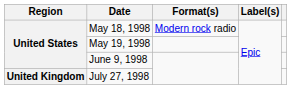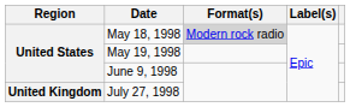 <table class="wikitable plainrowheaders">
 <tr>
 <th scope="col">Region</th>
 <th scope="col">Date</th>
 <th scope="col">Format(s)</th>
 <th scope="col">Label(s)</th>
 <th scope="col"></th>
 </tr>
 <tr>
 <th scope="row" rowspan="3">United States</th>
 <td>May 18, 1998</td>
-<td><a href='#'>Modern rock</a> radio</td>
+<td style="background: lightgrey;"><a href='#'>Modern rock</a> radio</td>
 <td rowspan="4"><a href='#'>Epic</a></td>
 <td align="center"></td>
 </tr>
 <tr>
 <td>May 19, 1998</td>
 <td></td>
 <td align="center"></td>
 </tr>
 <tr>
 <td>June 9, 1998</td>
 <td rowspan="2"></td>
 <td align="center"></td>
 </tr>
 <tr>
 <th scope="row">United Kingdom</th>
 <td>July 27, 1998</td>
 <td align="center"></td>
 </tr>
 </table>
